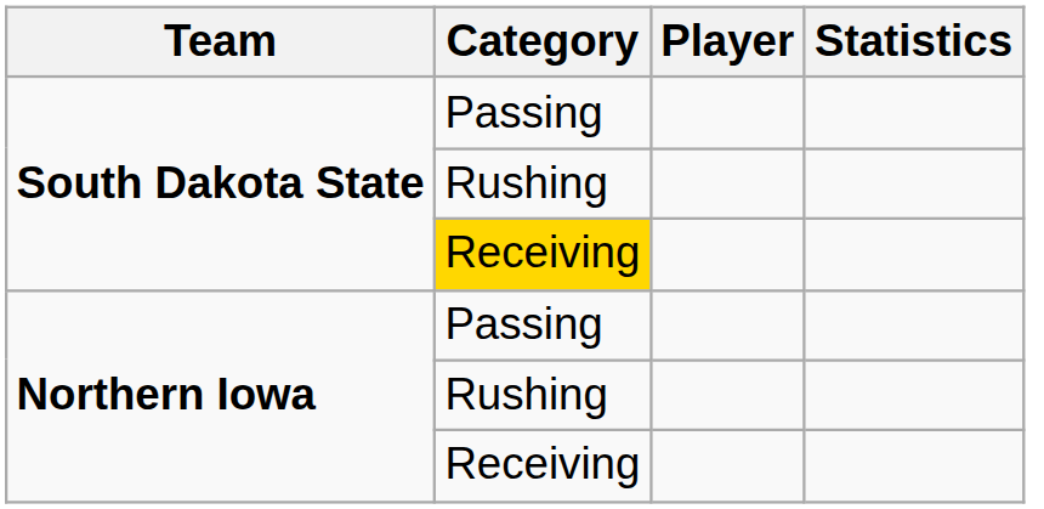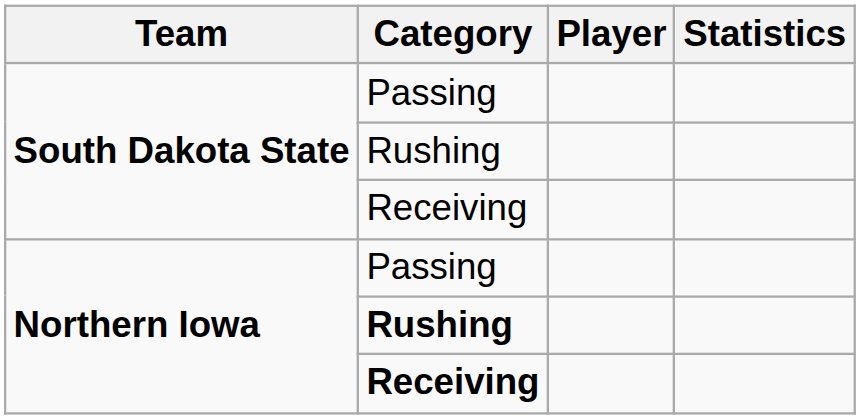 <table class="wikitable" style="float: left;">
 <tr>
 <th>Team</th>
 <th>Category</th>
 <th>Player</th>
 <th>Statistics</th>
 </tr>
 <tr>
 <td rowspan=3><strong>South Dakota State</strong></td>
 <td>Passing</td>
 <td></td>
 <td></td>
 </tr>
 <tr>
 <td>Rushing</td>
 <td></td>
 <td></td>
 </tr>
 <tr>
-<td style="background: gold;">Receiving</td>
+<td>Receiving</td>
 <td></td>
 <td></td>
 </tr>
 <tr>
 <td rowspan=3><strong>Northern Iowa</strong></td>
 <td>Passing</td>
 <td></td>
 <td></td>
 </tr>
 <tr>
-<td>Rushing</td>
+<td><strong>Rushing</strong></td>
 <td></td>
 <td></td>
 </tr>
 <tr>
-<td>Receiving</td>
+<td><strong>Receiving</strong></td>
 <td></td>
 <td></td>
 </tr>
 </table>
